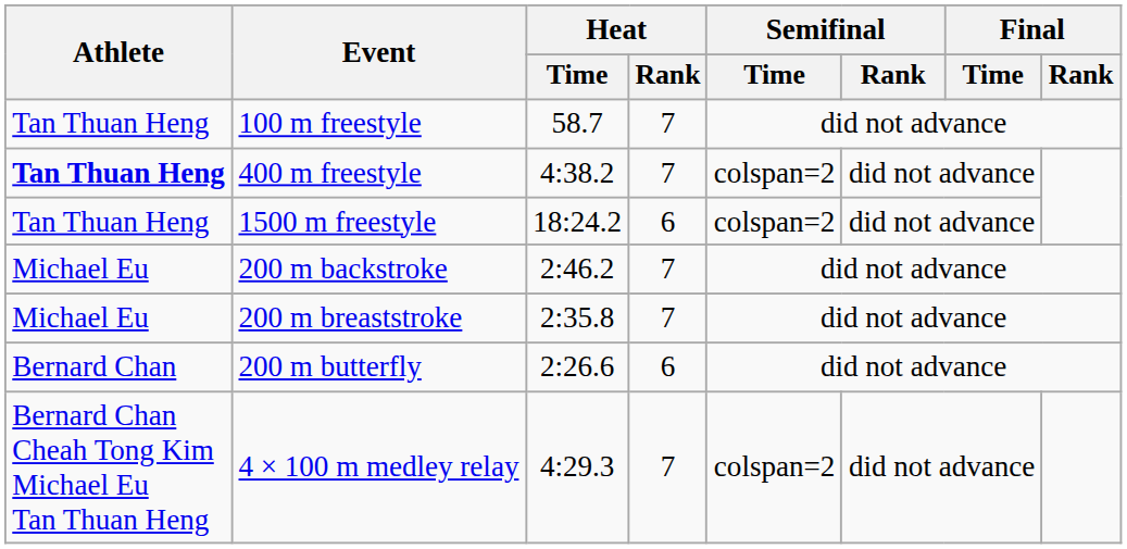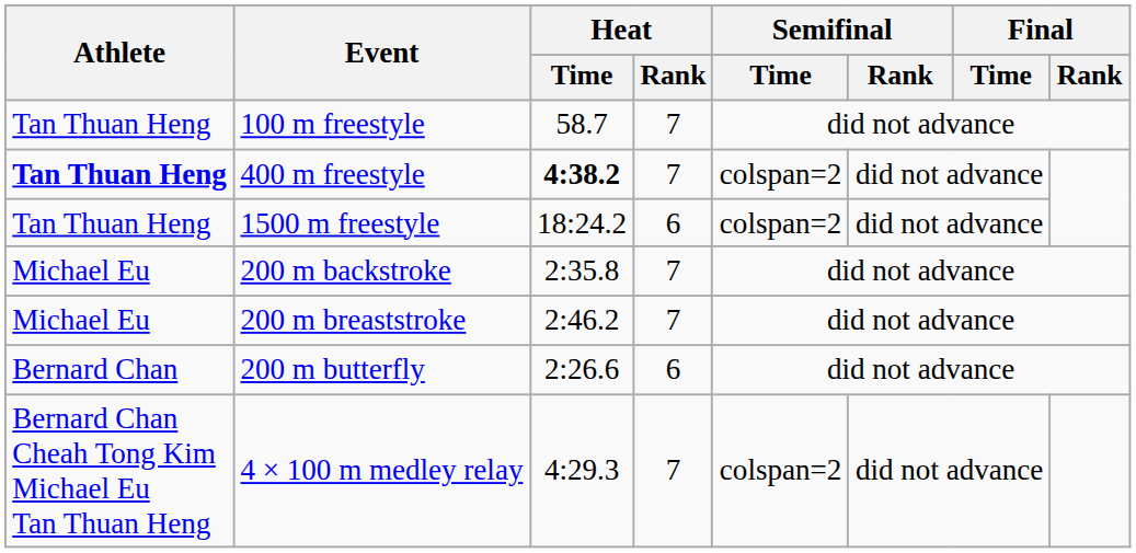 <table class=wikitable style="font-size:90%">
 <tr>
 <th rowspan=2>Athlete</th>
 <th rowspan=2>Event</th>
 <th colspan="2">Heat</th>
 <th colspan="2">Semifinal</th>
 <th colspan="2">Final</th>
 </tr>
 <tr style="font-size:95%">
 <th>Time</th>
 <th>Rank</th>
 <th>Time</th>
 <th>Rank</th>
 <th>Time</th>
 <th>Rank</th>
 </tr>
 <tr align=center>
 <td align=left><a href='#'>Tan Thuan Heng</a></td>
 <td align=left><a href='#'>100 m freestyle</a></td>
 <td>58.7</td>
 <td>7</td>
 <td colspan=4>did not advance</td>
 </tr>
 <tr align=center>
 <td align=left><strong><a href='#'>Tan Thuan Heng</a></strong></td>
 <td align=left><a href='#'>400 m freestyle</a></td>
-<td>4:38.2</td>
+<td><strong>4:38.2</strong></td>
 <td>7</td>
 <td>colspan=2 </td>
 <td colspan=2>did not advance</td>
 </tr>
 <tr align=center>
 <td align=left><a href='#'>Tan Thuan Heng</a></td>
 <td align=left><a href='#'>1500 m freestyle</a></td>
 <td>18:24.2</td>
 <td>6</td>
 <td>colspan=2 </td>
 <td colspan=2>did not advance</td>
 </tr>
 <tr align=center>
 <td align=left><a href='#'>Michael Eu</a></td>
 <td align=left><a href='#'>200 m backstroke</a></td>
-<td>2:46.2</td>
+<td>2:35.8</td>
 <td>7</td>
 <td colspan=4>did not advance</td>
 </tr>
 <tr align=center>
 <td align=left><a href='#'>Michael Eu</a></td>
 <td align=left><a href='#'>200 m breaststroke</a></td>
-<td>2:35.8</td>
+<td>2:46.2</td>
 <td>7</td>
 <td colspan=4>did not advance</td>
 </tr>
 <tr align=center>
 <td align=left><a href='#'>Bernard Chan</a></td>
 <td align=left><a href='#'>200 m butterfly</a></td>
 <td>2:26.6</td>
 <td>6</td>
 <td colspan=4>did not advance</td>
 </tr>
 <tr align=center>
 <td align=left><a href='#'>Bernard Chan</a><br><a href='#'>Cheah Tong Kim</a><br><a href='#'>Michael Eu</a><br><a href='#'>Tan Thuan Heng</a></td>
 <td align=left><a href='#'>4 × 100 m medley relay</a></td>
 <td>4:29.3</td>
 <td>7</td>
 <td>colspan=2 </td>
 <td colspan=2>did not advance</td>
 </tr>
 </table>
